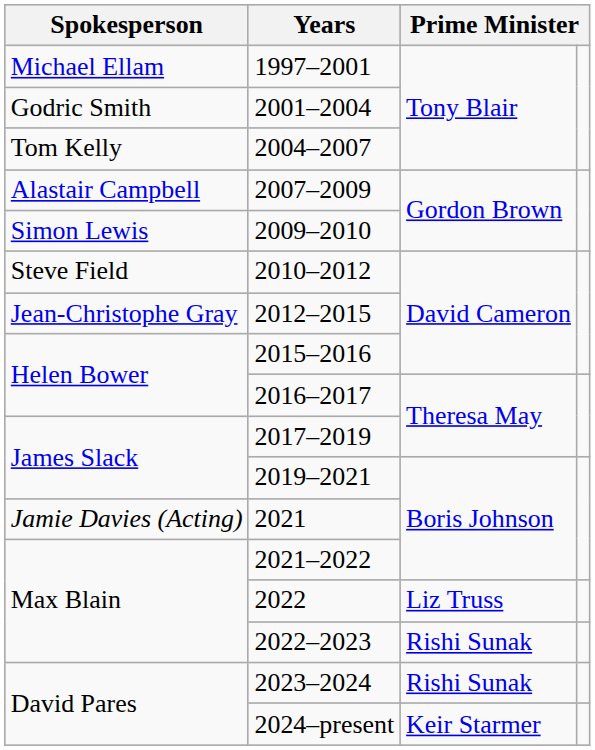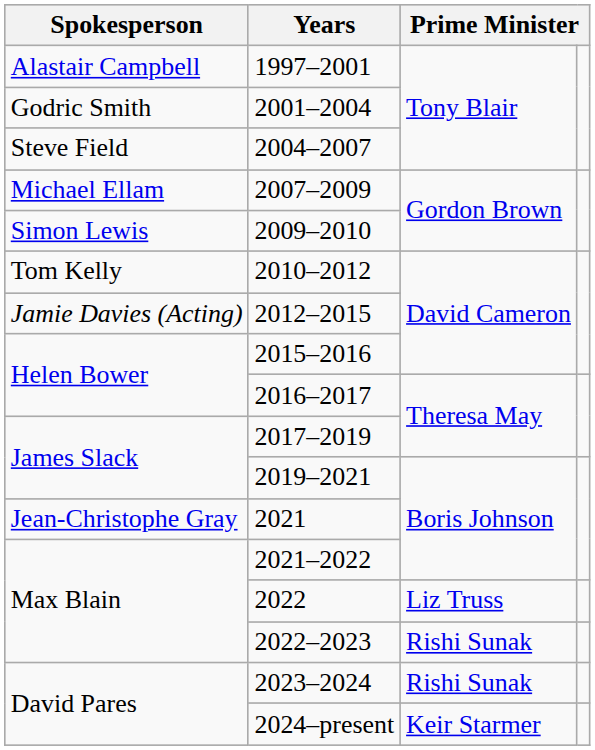 <table class="wikitable">
 <tr>
 <th>Spokesperson</th>
 <th>Years</th>
 <th colspan="2">Prime Minister</th>
 </tr>
 <tr>
-<td><a href='#'>Michael Ellam</a></td>
+<td><a href='#'>Alastair Campbell</a></td>
 <td>1997–2001</td>
 <td rowspan="3"><a href='#'>Tony Blair</a></td>
 <td rowspan="3" style="background-color: "></td>
 </tr>
 <tr>
 <td>Godric Smith</td>
 <td>2001–2004</td>
 </tr>
 <tr>
-<td>Tom Kelly</td>
+<td>Steve Field</td>
 <td>2004–2007</td>
 </tr>
 <tr>
-<td><a href='#'>Alastair Campbell</a></td>
+<td><a href='#'>Michael Ellam</a></td>
 <td>2007–2009</td>
 <td rowspan ="2"><a href='#'>Gordon Brown</a></td>
 <td rowspan="2" style="background-color: "></td>
 </tr>
 <tr>
 <td><a href='#'>Simon Lewis</a></td>
 <td>2009–2010</td>
 </tr>
 <tr>
-<td>Steve Field</td>
+<td>Tom Kelly</td>
 <td>2010–2012</td>
 <td rowspan="3"><a href='#'>David Cameron</a></td>
 <td rowspan="3" style="background-color: "></td>
 </tr>
 <tr>
-<td><a href='#'>Jean-Christophe Gray</a></td>
+<td><em>Jamie Davies (Acting)</em></td>
 <td>2012–2015</td>
 </tr>
 <tr>
 <td rowspan="2"><a href='#'>Helen Bower</a></td>
 <td>2015–2016</td>
 </tr>
 <tr>
 <td>2016–2017</td>
 <td rowspan="2"><a href='#'>Theresa May</a></td>
 <td rowspan="2" style="background-color: "></td>
 </tr>
 <tr>
 <td rowspan="2"><a href='#'>James Slack</a></td>
 <td>2017–2019</td>
 </tr>
 <tr>
 <td>2019–2021</td>
 <td rowspan="3"><a href='#'>Boris Johnson</a></td>
 <td rowspan="3" style="background-color: "></td>
 </tr>
 <tr>
-<td><em>Jamie Davies (Acting)</em></td>
+<td><a href='#'>Jean-Christophe Gray</a></td>
 <td>2021</td>
 </tr>
 <tr>
 <td rowspan="3">Max Blain</td>
 <td>2021–2022</td>
 </tr>
 <tr>
 <td>2022</td>
 <td rowspan="1"><a href='#'>Liz Truss</a></td>
 <td rowspan="1" style="background-color: "></td>
 </tr>
 <tr>
 <td>2022–2023</td>
 <td rowspan="1"><a href='#'>Rishi Sunak</a></td>
 <td rowspan="1" style="background-color: "></td>
 </tr>
 <tr>
 <td rowspan="2">David Pares</td>
 <td>2023–2024</td>
 <td rowspan="1"><a href='#'>Rishi Sunak</a></td>
 <td rowspan="1" style="background-color: "></td>
 </tr>
 <tr>
 <td>2024–present</td>
 <td rowspan="1"><a href='#'>Keir Starmer</a></td>
 <td rowspan="1" style="background-color: "></td>
 </tr>
 </table>
